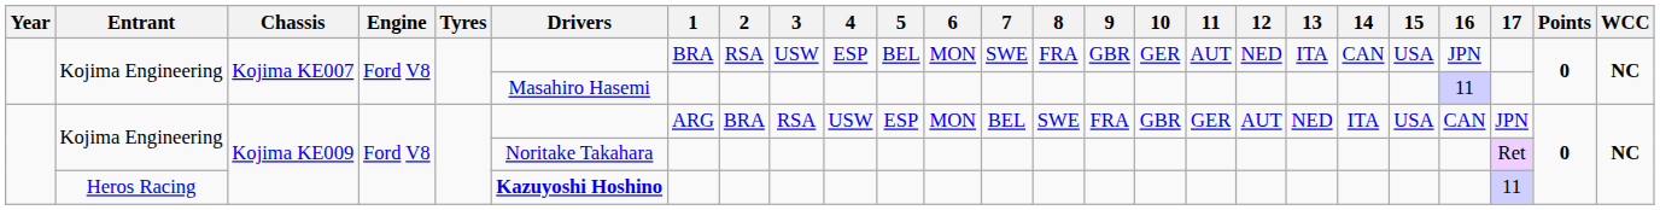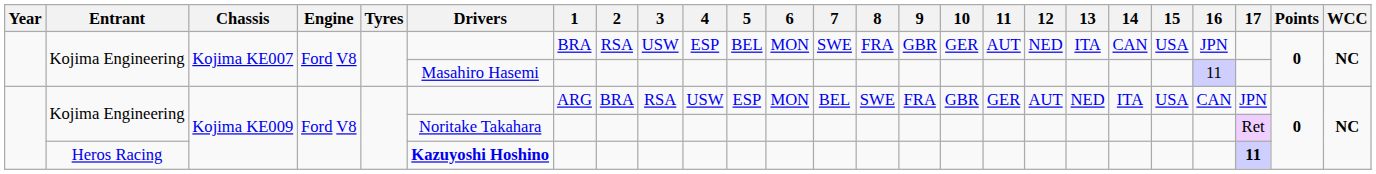 <table class="wikitable" style="text-align:center; font-size:85%">
 <tr>
 <th>Year</th>
 <th>Entrant</th>
 <th>Chassis</th>
 <th>Engine</th>
 <th>Tyres</th>
 <th>Drivers</th>
 <th>1</th>
 <th>2</th>
 <th>3</th>
 <th>4</th>
 <th>5</th>
 <th>6</th>
 <th>7</th>
 <th>8</th>
 <th>9</th>
 <th>10</th>
 <th>11</th>
 <th>12</th>
 <th>13</th>
 <th>14</th>
 <th>15</th>
 <th>16</th>
 <th>17</th>
 <th>Points</th>
 <th>WCC</th>
 </tr>
 <tr>
 <td rowspan="2"></td>
 <td rowspan="2">Kojima Engineering</td>
 <td rowspan="2"><a href='#'>Kojima KE007</a></td>
 <td rowspan="2"><a href='#'>Ford</a> <a href='#'>V8</a></td>
 <td rowspan="2"></td>
 <td></td>
 <td><a href='#'>BRA</a></td>
 <td><a href='#'>RSA</a></td>
 <td><a href='#'>USW</a></td>
 <td><a href='#'>ESP</a></td>
 <td><a href='#'>BEL</a></td>
 <td><a href='#'>MON</a></td>
 <td><a href='#'>SWE</a></td>
 <td><a href='#'>FRA</a></td>
 <td><a href='#'>GBR</a></td>
 <td><a href='#'>GER</a></td>
 <td><a href='#'>AUT</a></td>
 <td><a href='#'>NED</a></td>
 <td><a href='#'>ITA</a></td>
 <td><a href='#'>CAN</a></td>
 <td><a href='#'>USA</a></td>
 <td><a href='#'>JPN</a></td>
 <td></td>
 <td rowspan="2"><strong>0</strong></td>
 <td rowspan="2"><strong>NC</strong></td>
 </tr>
 <tr>
 <td> <a href='#'>Masahiro Hasemi</a></td>
 <td></td>
 <td></td>
 <td></td>
 <td></td>
 <td></td>
 <td></td>
 <td></td>
 <td></td>
 <td></td>
 <td></td>
 <td></td>
 <td></td>
 <td></td>
 <td></td>
 <td></td>
 <td style="background:#CFCFFF;">11</td>
 <td></td>
 </tr>
 <tr>
 <td rowspan="3"></td>
 <td rowspan="2">Kojima Engineering</td>
 <td rowspan="3"><a href='#'>Kojima KE009</a></td>
 <td rowspan="3"><a href='#'>Ford</a> <a href='#'>V8</a></td>
 <td rowspan="3"></td>
 <td></td>
 <td><a href='#'>ARG</a></td>
 <td><a href='#'>BRA</a></td>
 <td><a href='#'>RSA</a></td>
 <td><a href='#'>USW</a></td>
 <td><a href='#'>ESP</a></td>
 <td><a href='#'>MON</a></td>
 <td><a href='#'>BEL</a></td>
 <td><a href='#'>SWE</a></td>
 <td><a href='#'>FRA</a></td>
 <td><a href='#'>GBR</a></td>
 <td><a href='#'>GER</a></td>
 <td><a href='#'>AUT</a></td>
 <td><a href='#'>NED</a></td>
 <td><a href='#'>ITA</a></td>
 <td><a href='#'>USA</a></td>
 <td><a href='#'>CAN</a></td>
 <td><a href='#'>JPN</a></td>
 <td rowspan="3"><strong>0</strong></td>
 <td rowspan="3"><strong>NC</strong></td>
 </tr>
 <tr>
 <td> <a href='#'>Noritake Takahara</a></td>
 <td></td>
 <td></td>
 <td></td>
 <td></td>
 <td></td>
 <td></td>
 <td></td>
 <td></td>
 <td></td>
 <td></td>
 <td></td>
 <td></td>
 <td></td>
 <td></td>
 <td></td>
 <td></td>
 <td style="background:#EFCFFF;">Ret</td>
 </tr>
 <tr>
 <td><a href='#'>Heros Racing</a></td>
 <td><strong> <a href='#'>Kazuyoshi Hoshino</a></strong></td>
 <td></td>
 <td></td>
 <td></td>
 <td></td>
 <td></td>
 <td></td>
 <td></td>
 <td></td>
 <td></td>
 <td></td>
 <td></td>
 <td></td>
 <td></td>
 <td></td>
 <td></td>
 <td></td>
-<td style="background:#CFCFFF;">11</td>
+<td style="background:#CFCFFF;"><strong>11</strong></td>
 </tr>
 </table>
